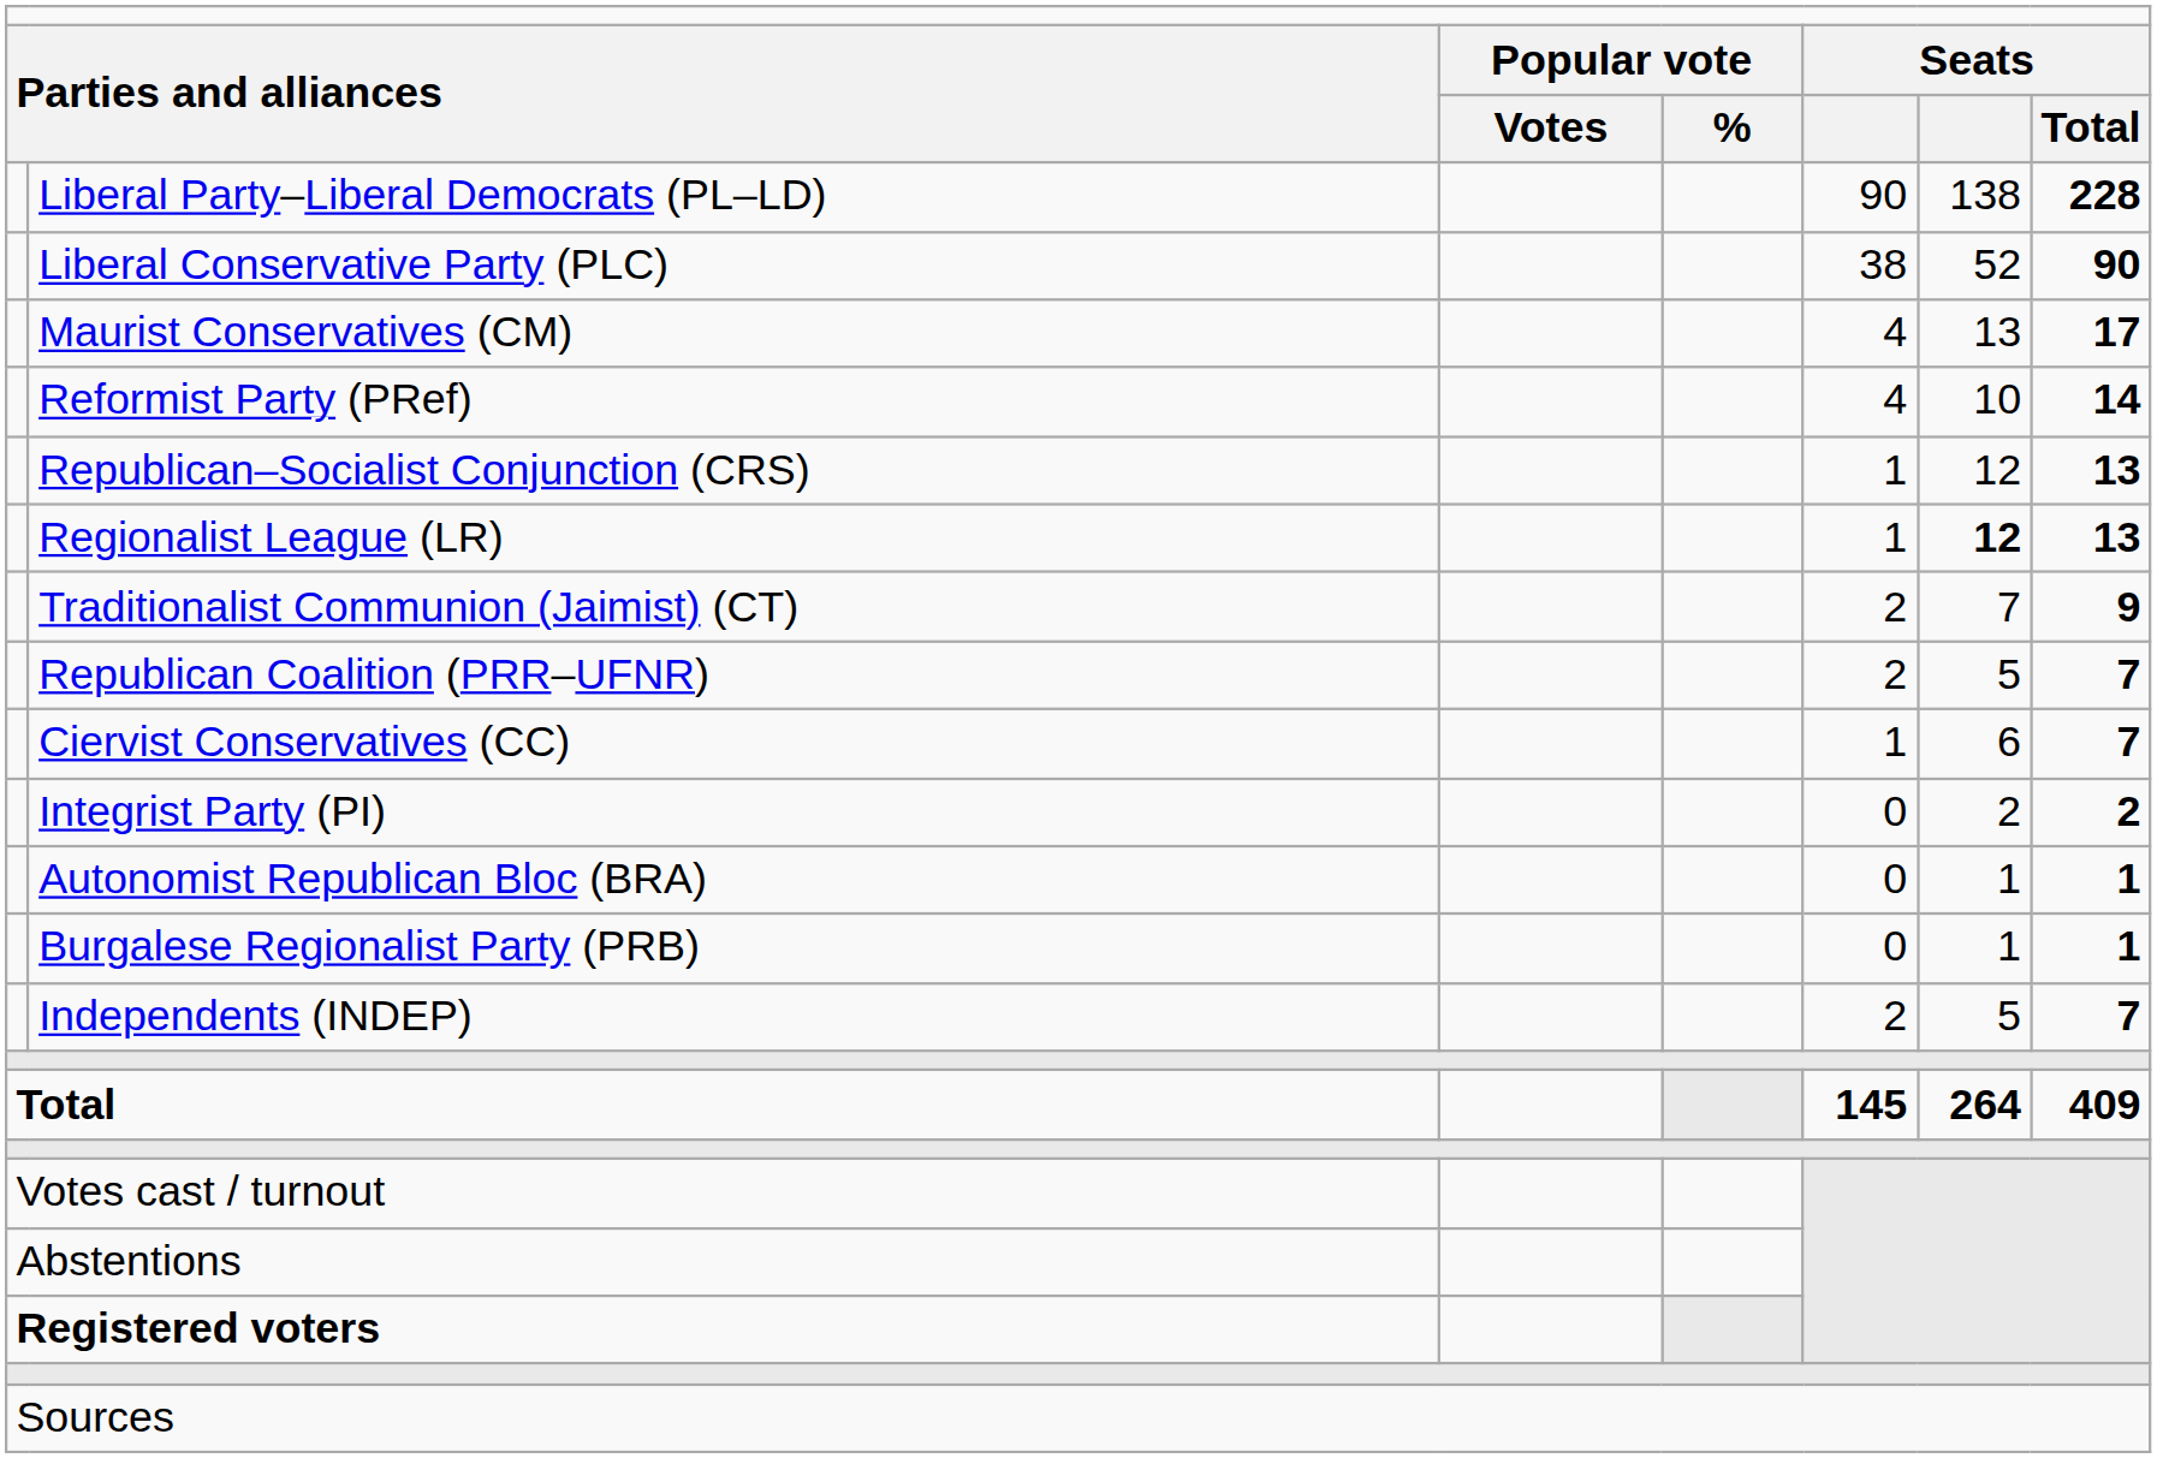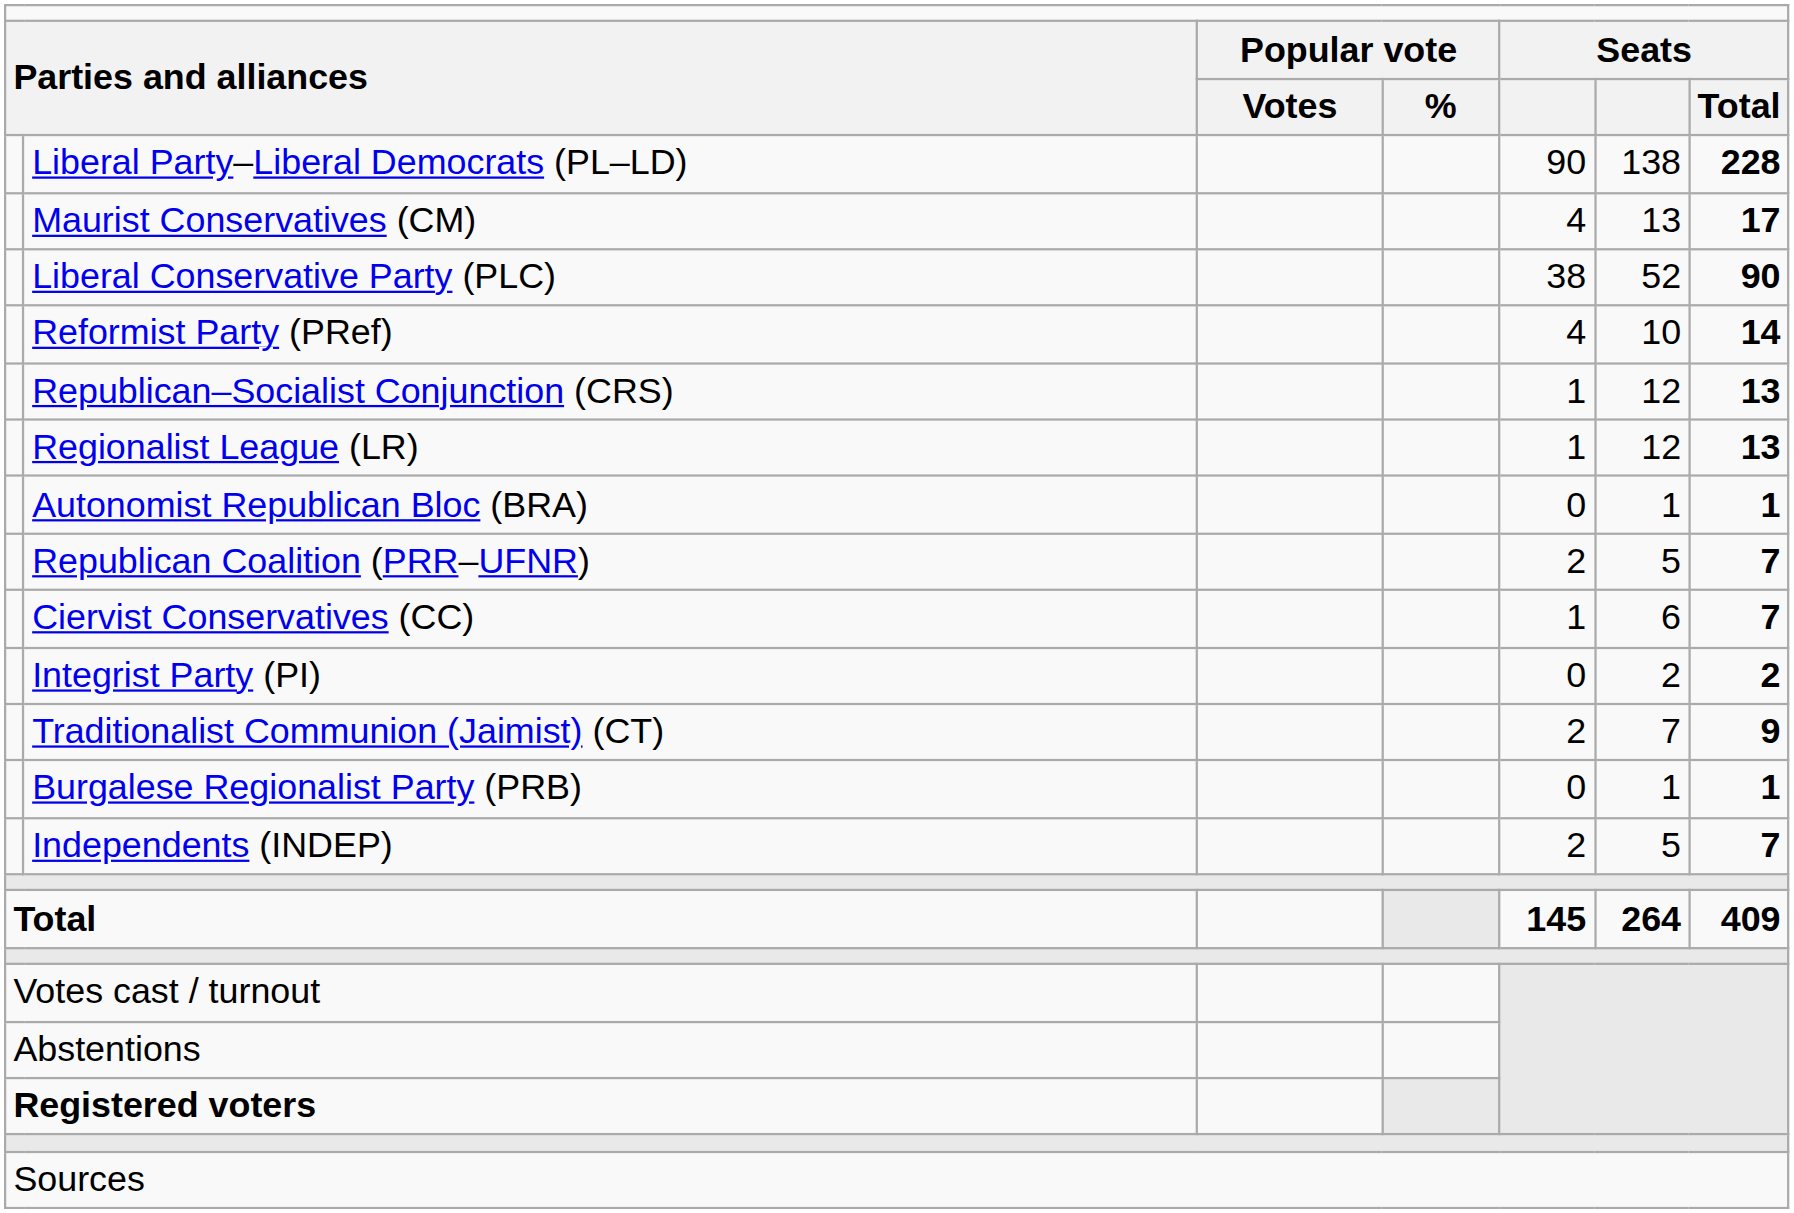 <table class="wikitable" style="text-align:right;">
 <tr>
 <td colspan="7"></td>
 </tr>
 <tr>
 <th style="text-align:left;" rowspan="2" colspan="2" width="525">Parties and alliances</th>
 <th colspan="2">Popular vote</th>
 <th colspan="3">Seats</th>
 </tr>
 <tr>
 <th width="75">Votes</th>
 <th width="45">%</th>
 <th width="35"></th>
 <th width="35"></th>
 <th width="35">Total</th>
 </tr>
 <tr>
 <td width="1" style="color:inherit;background:"></td>
 <td align="left"><a href='#'>Liberal Party</a>–<a href='#'>Liberal Democrats</a> (PL–LD)</td>
 <td></td>
 <td></td>
 <td>90</td>
 <td>138</td>
 <td><strong>228</strong></td>
 </tr>
 <tr>
 <td style="color:inherit;background:"></td>
+<td align="left"><a href='#'>Maurist Conservatives</a> (CM)</td>
+<td></td>
+<td></td>
+<td>4</td>
+<td>13</td>
+<td><strong>17</strong></td>
+</tr>
+<tr>
+<td style="color:inherit;background:"></td>
 <td align="left"><a href='#'>Liberal Conservative Party</a> (PLC)</td>
 <td></td>
 <td></td>
 <td>38</td>
 <td>52</td>
 <td><strong>90</strong></td>
-</tr>
-<tr>
-<td style="color:inherit;background:"></td>
-<td align="left"><a href='#'>Maurist Conservatives</a> (CM)</td>
-<td></td>
-<td></td>
-<td>4</td>
-<td>13</td>
-<td><strong>17</strong></td>
 </tr>
 <tr>
 <td style="color:inherit;background:"></td>
 <td align="left"><a href='#'>Reformist Party</a> (PRef)</td>
 <td></td>
 <td></td>
 <td>4</td>
 <td>10</td>
 <td><strong>14</strong></td>
 </tr>
 <tr>
 <td style="color:inherit;background:"></td>
 <td align="left"><a href='#'>Republican–Socialist Conjunction</a> (CRS)</td>
 <td></td>
 <td></td>
 <td>1</td>
 <td>12</td>
 <td><strong>13</strong></td>
 </tr>
 <tr>
 <td style="color:inherit;background:"></td>
 <td align="left"><a href='#'>Regionalist League</a> (LR)</td>
 <td></td>
 <td></td>
 <td>1</td>
-<td><strong>12</strong></td>
+<td>12</td>
 <td><strong>13</strong></td>
 </tr>
 <tr>
 <td style="color:inherit;background:"></td>
-<td align="left"><a href='#'>Traditionalist Communion (Jaimist)</a> (CT)</td>
+<td align="left"><a href='#'>Autonomist Republican Bloc</a> (BRA)</td>
 <td></td>
 <td></td>
-<td>2</td>
-<td>7</td>
-<td><strong>9</strong></td>
+<td>0</td>
+<td>1</td>
+<td><strong>1</strong></td>
 </tr>
 <tr>
 <td style="color:inherit;background:"></td>
 <td align="left"><a href='#'>Republican Coalition</a> (<a href='#'>PRR</a>–<a href='#'>UFNR</a>)</td>
 <td></td>
 <td></td>
 <td>2</td>
 <td>5</td>
 <td><strong>7</strong></td>
 </tr>
 <tr>
 <td style="color:inherit;background:"></td>
 <td align="left"><a href='#'>Ciervist Conservatives</a> (CC)</td>
 <td></td>
 <td></td>
 <td>1</td>
 <td>6</td>
 <td><strong>7</strong></td>
 </tr>
 <tr>
 <td style="color:inherit;background:"></td>
 <td align="left"><a href='#'>Integrist Party</a> (PI)</td>
 <td></td>
 <td></td>
 <td>0</td>
 <td>2</td>
 <td><strong>2</strong></td>
 </tr>
 <tr>
 <td style="color:inherit;background:"></td>
-<td align="left"><a href='#'>Autonomist Republican Bloc</a> (BRA)</td>
+<td align="left"><a href='#'>Traditionalist Communion (Jaimist)</a> (CT)</td>
 <td></td>
 <td></td>
-<td>0</td>
-<td>1</td>
-<td><strong>1</strong></td>
+<td>2</td>
+<td>7</td>
+<td><strong>9</strong></td>
 </tr>
 <tr>
 <td style="color:inherit;background:"></td>
 <td align="left"><a href='#'>Burgalese Regionalist Party</a> (PRB)</td>
 <td></td>
 <td></td>
 <td>0</td>
 <td>1</td>
 <td><strong>1</strong></td>
 </tr>
 <tr>
 <td style="color:inherit;background:"></td>
 <td align="left"><a href='#'>Independents</a> (INDEP)</td>
 <td></td>
 <td></td>
 <td>2</td>
 <td>5</td>
 <td><strong>7</strong></td>
 </tr>
 <tr>
 <td colspan="7" bgcolor="#E9E9E9"></td>
 </tr>
 <tr style="font-weight:bold;">
 <td align="left" colspan="2">Total</td>
 <td></td>
 <td bgcolor="#E9E9E9"></td>
 <td>145</td>
 <td>264</td>
 <td>409</td>
 </tr>
 <tr>
 <td colspan="7" bgcolor="#E9E9E9"></td>
 </tr>
 <tr>
 <td align="left" colspan="2">Votes cast / turnout</td>
 <td></td>
 <td></td>
 <td bgcolor="#E9E9E9" colspan="3" rowspan="3"></td>
 </tr>
 <tr>
 <td align="left" colspan="2">Abstentions</td>
 <td></td>
 <td></td>
 </tr>
 <tr style="font-weight:bold;">
 <td align="left" colspan="2">Registered voters</td>
 <td></td>
 <td bgcolor="#E9E9E9"></td>
 </tr>
 <tr>
 <td colspan="7" bgcolor="#E9E9E9"></td>
 </tr>
 <tr>
 <td align="left" colspan="7">Sources</td>
 </tr>
 </table>
